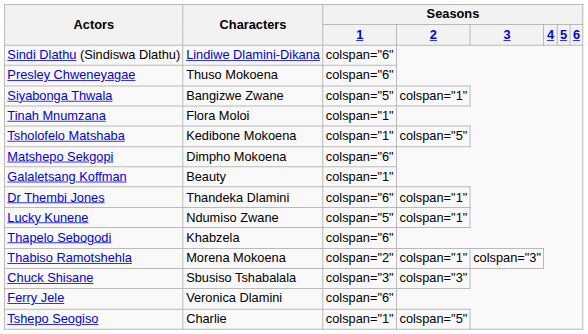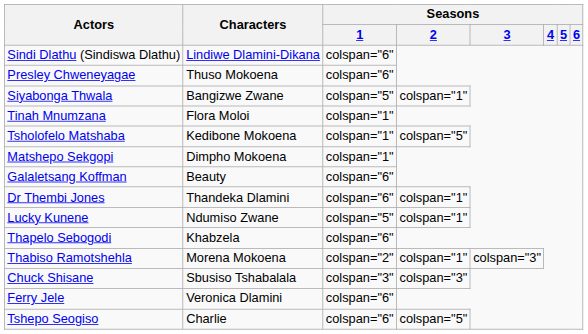 <table class="wikitable">
 <tr>
 <th rowspan="2">Actors</th>
 <th rowspan="2">Characters</th>
 <th colspan="6">Seasons</th>
 </tr>
 <tr>
 <th><a href='#'>1</a></th>
 <th><a href='#'>2</a></th>
 <th><a href='#'>3</a></th>
 <th><a href='#'>4</a></th>
 <th><a href='#'>5</a></th>
 <th><a href='#'>6</a></th>
 </tr>
 <tr>
 <td><a href='#'>Sindi Dlathu</a> (Sindiswa Dlathu)</td>
 <td><a href='#'>Lindiwe Dlamini-Dikana</a></td>
 <td>colspan="6" </td>
 </tr>
 <tr>
 <td><a href='#'>Presley Chweneyagae</a></td>
 <td>Thuso Mokoena</td>
 <td>colspan="6" </td>
 </tr>
 <tr>
 <td><a href='#'>Siyabonga Thwala</a></td>
 <td>Bangizwe Zwane</td>
 <td>colspan="5" </td>
 <td>colspan="1" </td>
 </tr>
 <tr>
 <td><a href='#'>Tinah Mnumzana</a></td>
 <td>Flora Moloi</td>
 <td>colspan="1" </td>
 </tr>
 <tr>
 <td><a href='#'>Tsholofelo Matshaba</a></td>
 <td>Kedibone Mokoena</td>
 <td>colspan="1" </td>
 <td>colspan="5" </td>
 </tr>
 <tr>
 <td><a href='#'>Matshepo Sekgopi</a></td>
 <td>Dimpho Mokoena</td>
-<td>colspan="6" </td>
+<td>colspan="1" </td>
 </tr>
 <tr>
 <td><a href='#'>Galaletsang Koffman</a></td>
 <td>Beauty</td>
-<td>colspan="1" </td>
+<td>colspan="6" </td>
 </tr>
 <tr>
 <td><a href='#'>Dr Thembi Jones</a></td>
 <td>Thandeka Dlamini</td>
 <td>colspan="6" </td>
 <td>colspan="1"</td>
 </tr>
 <tr>
 <td><a href='#'>Lucky Kunene</a></td>
 <td>Ndumiso Zwane</td>
 <td>colspan="5"</td>
 <td>colspan="1"</td>
 </tr>
 <tr>
 <td><a href='#'>Thapelo Sebogodi</a></td>
 <td>Khabzela</td>
 <td>colspan="6" </td>
 </tr>
 <tr>
 <td><a href='#'>Thabiso Ramotshehla</a></td>
 <td>Morena Mokoena</td>
 <td>colspan="2" </td>
 <td>colspan="1" </td>
 <td>colspan="3" </td>
 </tr>
 <tr>
 <td><a href='#'>Chuck Shisane</a></td>
 <td>Sbusiso Tshabalala</td>
 <td>colspan="3" </td>
 <td>colspan="3" </td>
 </tr>
 <tr>
 <td><a href='#'>Ferry Jele</a></td>
 <td>Veronica Dlamini</td>
 <td>colspan="6" </td>
 </tr>
 <tr>
 <td><a href='#'>Tshepo Seogiso</a></td>
 <td>Charlie</td>
-<td>colspan="1" </td>
+<td>colspan="6" </td>
 <td>colspan="5" </td>
 </tr>
 </table>
